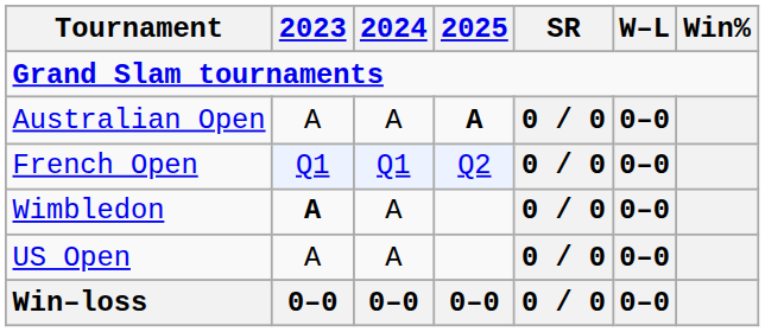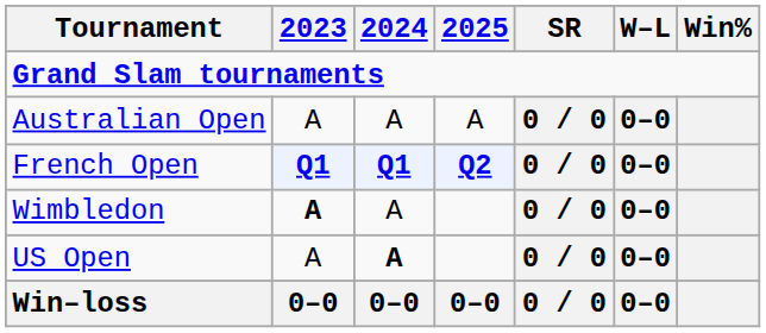 <table class=wikitable style=text-align:center>
 <tr>
 <th>Tournament</th>
 <th><a href='#'>2023</a></th>
 <th><a href='#'>2024</a></th>
 <th><a href='#'>2025</a></th>
 <th>SR</th>
 <th>W–L</th>
 <th>Win%</th>
 </tr>
 <tr>
 <td colspan="11" style="text-align:left"><strong><a href='#'>Grand Slam tournaments</a></strong></td>
 </tr>
 <tr>
 <td align=left><a href='#'>Australian Open</a></td>
 <td>A</td>
 <td>A</td>
-<td><strong>A</strong></td>
+<td>A</td>
 <th>0 / 0</th>
 <th>0–0</th>
 <th></th>
 </tr>
 <tr>
 <td align=left><a href='#'>French Open</a></td>
-<td bgcolor=ecf2ff><a href='#'>Q1</a></td>
-<td bgcolor=ecf2ff><a href='#'>Q1</a></td>
-<td bgcolor=ecf2ff><a href='#'>Q2</a></td>
+<td bgcolor=ecf2ff><strong><a href='#'>Q1</a></strong></td>
+<td bgcolor=ecf2ff><strong><a href='#'>Q1</a></strong></td>
+<td bgcolor=ecf2ff><strong><a href='#'>Q2</a></strong></td>
 <th>0 / 0</th>
 <th>0–0</th>
 <th></th>
 </tr>
 <tr>
 <td align=left><a href='#'>Wimbledon</a></td>
 <td><strong>A</strong></td>
 <td>A</td>
 <td></td>
 <th>0 / 0</th>
 <th>0–0</th>
 <th></th>
 </tr>
 <tr>
 <td align=left><a href='#'>US Open</a></td>
 <td>A</td>
-<td>A</td>
+<td><strong>A</strong></td>
 <td></td>
 <th>0 / 0</th>
 <th>0–0</th>
 <th></th>
 </tr>
 <tr>
 <th style=text-align:left>Win–loss</th>
 <th>0–0</th>
 <th>0–0</th>
 <th>0–0</th>
 <th>0 / 0</th>
 <th>0–0</th>
 <th></th>
 </tr>
 </table>
